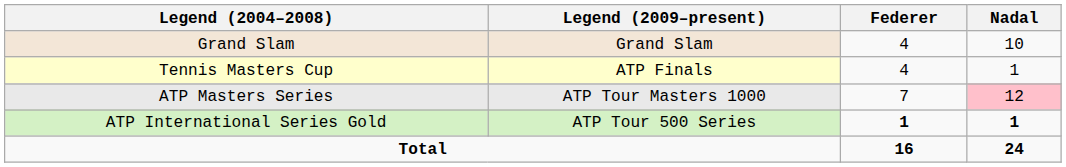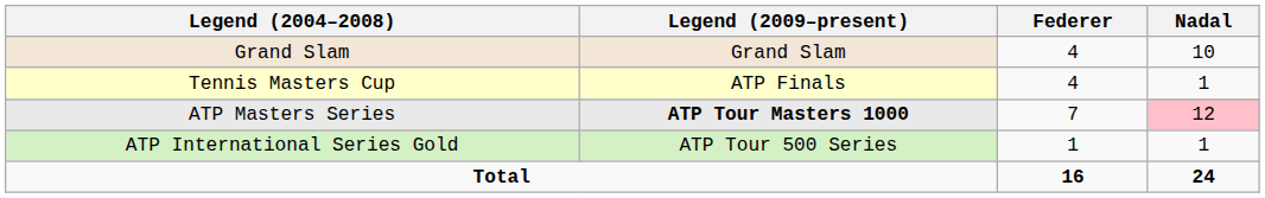 <table class=wikitable style="width:43%; vertical-align:top; text-align:center;">
 <tr>
 <th>Legend (2004–2008)</th>
 <th>Legend (2009–present)</th>
 <th>Federer</th>
 <th>Nadal</th>
 </tr>
 <tr>
 <td bgcolor="#f3e6d7">Grand Slam</td>
 <td bgcolor="#f3e6d7">Grand Slam</td>
 <td>4</td>
 <td>10</td>
 </tr>
 <tr>
 <td bgcolor="#ffffcc">Tennis Masters Cup</td>
 <td bgcolor="#ffffcc">ATP Finals</td>
 <td>4</td>
 <td>1</td>
 </tr>
 <tr>
 <td bgcolor="#e9e9e9">ATP Masters Series</td>
-<td bgcolor="#e9e9e9">ATP Tour Masters 1000</td>
+<td bgcolor="#e9e9e9"><strong>ATP Tour Masters 1000</strong></td>
 <td>7</td>
 <td style="background: pink;">12</td>
 </tr>
 <tr>
 <td bgcolor="#d4f1c5">ATP International Series Gold</td>
 <td bgcolor="#d4f1c5">ATP Tour 500 Series</td>
-<td><strong>1</strong></td>
-<td><strong>1</strong></td>
+<td>1</td>
+<td>1</td>
 </tr>
 <tr>
 <td colspan=2><strong>Total</strong></td>
 <td><strong>16</strong></td>
 <td><strong>24</strong></td>
 </tr>
 </table>
